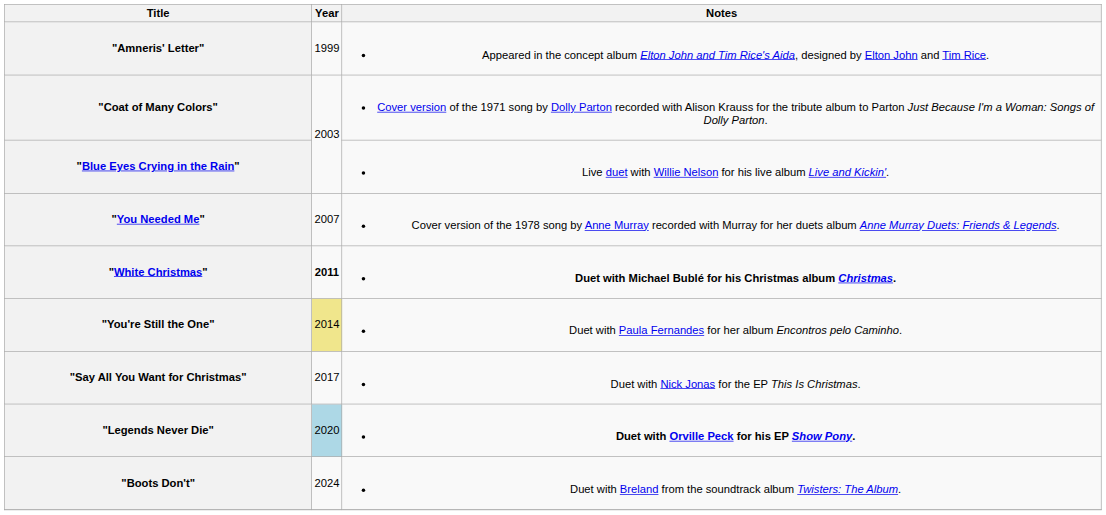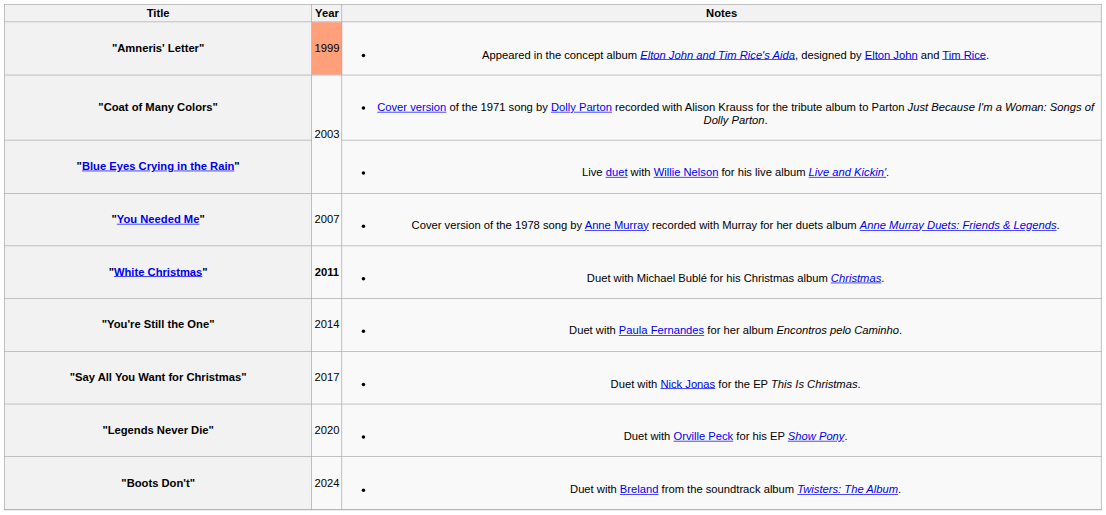 <table class="wikitable plainrowheaders" style="text-align:center;">
 <tr>
 <th scope="col" style="width:27em;">Title</th>
 <th scope="col" style="width:1em;">Year</th>
 <th scope="col">Notes</th>
 </tr>
 <tr>
 <th scope="row">"Amneris' Letter"</th>
-<td>1999</td>
+<td style="background: lightsalmon;">1999</td>
 <td><br><ul><li>Appeared in the concept album <em><a href='#'>Elton John and Tim Rice's Aida</a></em>, designed by <a href='#'>Elton John</a> and <a href='#'>Tim Rice</a>.</li></ul></td>
 </tr>
 <tr>
 <th scope="row">"Coat of Many Colors"</th>
 <td rowspan="2">2003</td>
 <td><br><ul><li><a href='#'>Cover version</a> of the 1971 song by <a href='#'>Dolly Parton</a> recorded with Alison Krauss for the tribute album to Parton <em>Just Because I'm a Woman: Songs of Dolly Parton</em>.</li></ul></td>
 </tr>
 <tr>
 <th scope="row">"<a href='#'>Blue Eyes Crying in the Rain</a>"</th>
 <td><br><ul><li>Live <a href='#'>duet</a> with <a href='#'>Willie Nelson</a> for his live album <em><a href='#'>Live and Kickin'</a></em>.</li></ul></td>
 </tr>
 <tr>
 <th scope="row">"<a href='#'>You Needed Me</a>"</th>
 <td>2007</td>
 <td><br><ul><li>Cover version of the 1978 song by <a href='#'>Anne Murray</a> recorded with Murray for her duets album <em><a href='#'>Anne Murray Duets: Friends & Legends</a></em>.</li></ul></td>
 </tr>
 <tr>
 <th scope="row">"<a href='#'>White Christmas</a>"</th>
 <td><strong>2011</strong></td>
-<td><strong><br><ul><li>Duet with Michael Bublé for his Christmas album <em><a href='#'>Christmas</a></em>.</li></ul></strong></td>
+<td><br><ul><li>Duet with Michael Bublé for his Christmas album <em><a href='#'>Christmas</a></em>.</li></ul></td>
 </tr>
 <tr>
 <th scope="row">"You're Still the One"</th>
-<td style="background: khaki;">2014</td>
+<td>2014</td>
 <td><br><ul><li>Duet with <a href='#'>Paula Fernandes</a> for her album <em>Encontros pelo Caminho</em>.</li></ul></td>
 </tr>
 <tr>
 <th scope="row">"Say All You Want for Christmas"</th>
 <td>2017</td>
 <td><br><ul><li>Duet with <a href='#'>Nick Jonas</a> for the EP <em>This Is Christmas</em>.</li></ul></td>
 </tr>
 <tr>
 <th scope="row">"Legends Never Die"</th>
-<td style="background: lightblue;">2020</td>
-<td><strong><br><ul><li>Duet with <a href='#'>Orville Peck</a> for his EP <em><a href='#'>Show Pony</a></em>.</li></ul></strong></td>
+<td>2020</td>
+<td><br><ul><li>Duet with <a href='#'>Orville Peck</a> for his EP <em><a href='#'>Show Pony</a></em>.</li></ul></td>
 </tr>
 <tr>
 <th scope="row">"Boots Don't"</th>
 <td>2024</td>
 <td><br><ul><li>Duet with <a href='#'>Breland</a> from the soundtrack album <em><a href='#'>Twisters: The Album</a></em>.</li></ul></td>
 </tr>
 <tr>
 </tr>
 </table>
